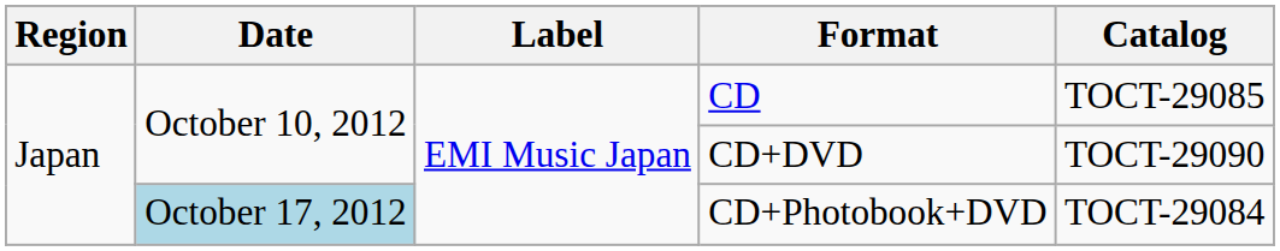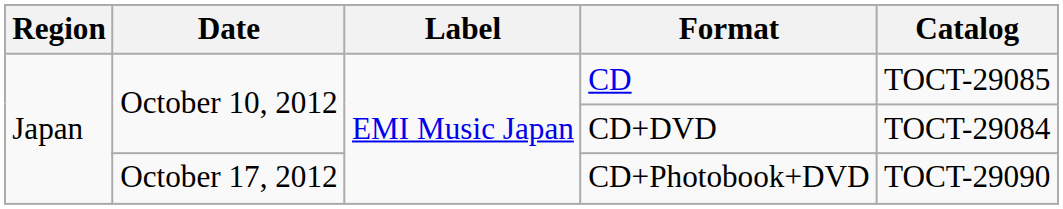 <table class="wikitable">
 <tr>
 <th>Region</th>
 <th>Date</th>
 <th>Label</th>
 <th>Format</th>
 <th>Catalog</th>
 </tr>
 <tr>
 <td rowspan="3">Japan</td>
 <td rowspan="2">October 10, 2012</td>
 <td rowspan="3"><a href='#'>EMI Music Japan</a></td>
 <td><a href='#'>CD</a></td>
 <td>TOCT-29085</td>
 </tr>
 <tr>
 <td>CD+DVD</td>
+<td>TOCT-29084</td>
+</tr>
+<tr>
+<td>October 17, 2012</td>
+<td>CD+Photobook+DVD</td>
 <td>TOCT-29090</td>
 </tr>
-<tr>
-<td style="background: lightblue;">October 17, 2012</td>
-<td>CD+Photobook+DVD</td>
-<td>TOCT-29084</td>
-</tr>
 </table>
